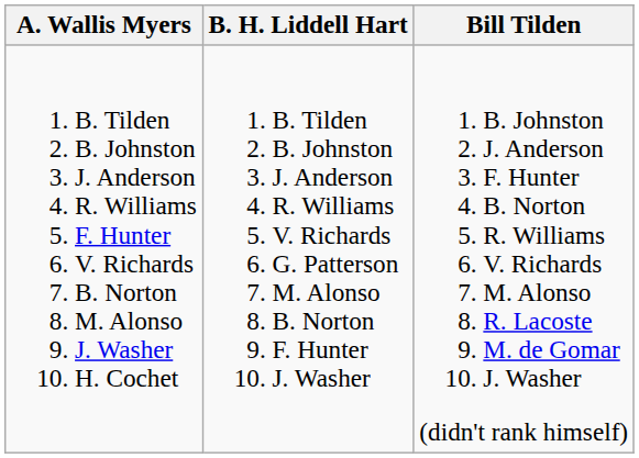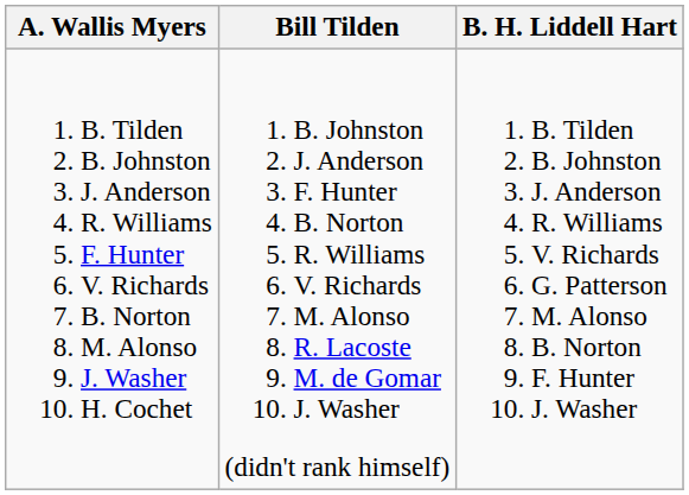 <table class="wikitable">
 <tr>
 <th>A. Wallis Myers</th>
+<th>Bill Tilden</th>
 <th>B. H. Liddell Hart</th>
-<th>Bill Tilden</th>
 </tr>
 <tr style="vertical-align: top;">
 <td style="white-space: nowrap;"><br><ol><li> B. Tilden</li><li> B. Johnston</li><li> J. Anderson</li><li> R. Williams</li><li> <a href='#'>F. Hunter</a></li><li> V. Richards</li><li> B. Norton</li><li> M. Alonso</li><li> <a href='#'>J. Washer</a></li><li> H. Cochet</li></ol></td>
+<td style="white-space: nowrap;"><br><ol><li> B. Johnston</li><li> J. Anderson</li><li> F. Hunter</li><li> B. Norton</li><li> R. Williams</li><li> V. Richards</li><li> M. Alonso</li><li> <a href='#'>R. Lacoste</a></li><li> <a href='#'>M. de Gomar</a></li><li> J. Washer</li></ol>(didn't rank himself)</td>
 <td style="white-space: nowrap;"><br><ol><li> B. Tilden</li><li> B. Johnston</li><li> J. Anderson</li><li> R. Williams</li><li> V. Richards</li><li> G. Patterson</li><li> M. Alonso</li><li> B. Norton</li><li> F. Hunter</li><li> J. Washer</li></ol></td>
-<td style="white-space: nowrap;"><br><ol><li> B. Johnston</li><li> J. Anderson</li><li> F. Hunter</li><li> B. Norton</li><li> R. Williams</li><li> V. Richards</li><li> M. Alonso</li><li> <a href='#'>R. Lacoste</a></li><li> <a href='#'>M. de Gomar</a></li><li> J. Washer</li></ol>(didn't rank himself)</td>
 </tr>
 </table>
